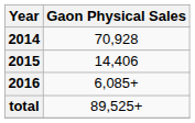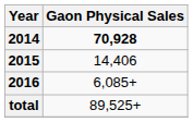 <table class="wikitable">
 <tr>
 <th>Year</th>
 <th>Gaon Physical Sales</th>
 </tr>
 <tr>
 <th scope="row">2014</th>
-<td style="text-align:center;">70,928</td>
+<td style="text-align:center;"><strong>70,928</strong></td>
 </tr>
 <tr>
 <th scope="row">2015</th>
 <td style="text-align:center;">14,406</td>
 </tr>
 <tr>
 <th scope="row">2016</th>
 <td style="text-align:center;">6,085+</td>
 </tr>
 <tr>
 <th scope="row">total</th>
 <td style="text-align:center;">89,525+</td>
 </tr>
 <tr>
 </tr>
 </table>
